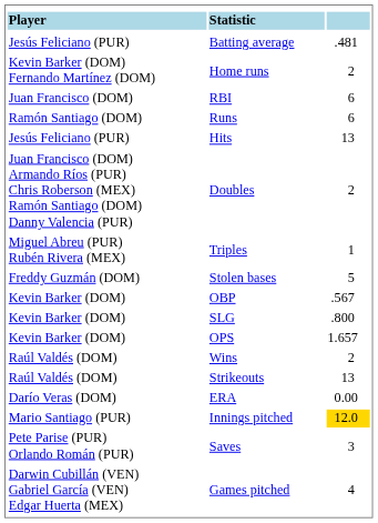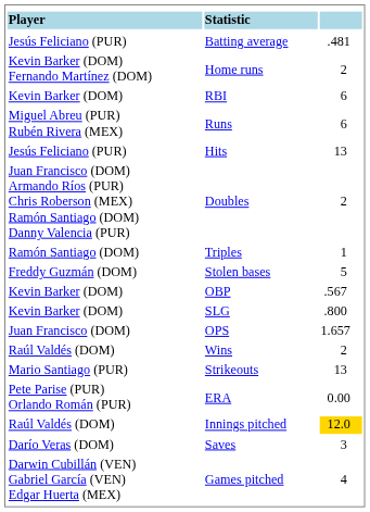 <table cellpadding="1" width="350px" style="font-size: 80%; border: 1px solid gray;">
 <tr align="center" style="font-size: larger;">
 <td colspan=6></td>
 </tr>
 <tr style="background:lightblue;">
 <td><strong>Player</strong></td>
 <td><strong>Statistic</strong></td>
 <td></td>
 </tr>
 <tr align="center" style="vertical-align: middle;" style="background:lightblue;">
 </tr>
 <tr>
 <td><a href='#'>Jesús Feliciano</a> (PUR)</td>
 <td><a href='#'>Batting average</a></td>
 <td>  .481</td>
 </tr>
 <tr>
 <td><a href='#'>Kevin Barker</a> (DOM)<br><a href='#'>Fernando Martínez</a> (DOM)</td>
 <td><a href='#'>Home runs</a></td>
 <td>      2</td>
 </tr>
 <tr>
-<td><a href='#'>Juan Francisco</a> (DOM)</td>
+<td><a href='#'>Kevin Barker</a> (DOM)</td>
 <td><a href='#'>RBI</a></td>
 <td>      6</td>
 </tr>
 <tr>
-<td><a href='#'>Ramón Santiago</a> (DOM)</td>
+<td><a href='#'>Miguel Abreu</a> (PUR)<br><a href='#'>Rubén Rivera</a> (MEX)</td>
 <td><a href='#'>Runs</a></td>
 <td>      6</td>
 </tr>
 <tr>
 <td><a href='#'>Jesús Feliciano</a> (PUR)</td>
 <td><a href='#'>Hits</a></td>
 <td>    13</td>
 </tr>
 <tr>
 <td><a href='#'>Juan Francisco</a> (DOM)<br><a href='#'>Armando Ríos</a> (PUR)<br><a href='#'>Chris Roberson</a> (MEX)<br><a href='#'>Ramón Santiago</a> (DOM)<br><a href='#'>Danny Valencia</a> (PUR)</td>
 <td><a href='#'>Doubles</a></td>
 <td>       2</td>
 </tr>
 <tr>
-<td><a href='#'>Miguel Abreu</a> (PUR)<br><a href='#'>Rubén Rivera</a> (MEX)</td>
+<td><a href='#'>Ramón Santiago</a> (DOM)</td>
 <td><a href='#'>Triples</a></td>
 <td>      1</td>
 </tr>
 <tr>
 <td><a href='#'>Freddy Guzmán</a> (DOM)</td>
 <td><a href='#'>Stolen bases</a></td>
 <td>      5</td>
 </tr>
 <tr>
 <td><a href='#'>Kevin Barker</a> (DOM)</td>
 <td><a href='#'>OBP</a></td>
 <td> .567</td>
 </tr>
 <tr>
 <td><a href='#'>Kevin Barker</a> (DOM)</td>
 <td><a href='#'>SLG</a></td>
 <td> .800</td>
 </tr>
 <tr>
-<td><a href='#'>Kevin Barker</a> (DOM)</td>
+<td><a href='#'>Juan Francisco</a> (DOM)</td>
 <td><a href='#'>OPS</a></td>
 <td>1.657</td>
 </tr>
 <tr>
 <td><a href='#'>Raúl Valdés</a> (DOM)</td>
 <td><a href='#'>Wins</a></td>
 <td>      2</td>
 </tr>
 <tr>
-<td><a href='#'>Raúl Valdés</a> (DOM)</td>
+<td><a href='#'>Mario Santiago</a> (PUR)</td>
 <td><a href='#'>Strikeouts</a></td>
 <td>    13</td>
 </tr>
 <tr>
-<td><a href='#'>Darío Veras</a> (DOM)</td>
+<td><a href='#'>Pete Parise</a> (PUR)<br><a href='#'>Orlando Román</a> (PUR)</td>
 <td><a href='#'>ERA</a></td>
 <td>  0.00</td>
 </tr>
 <tr>
-<td><a href='#'>Mario Santiago</a> (PUR)</td>
+<td><a href='#'>Raúl Valdés</a> (DOM)</td>
 <td><a href='#'>Innings pitched</a></td>
 <td style="background: gold;">  12.0</td>
 </tr>
 <tr>
-<td><a href='#'>Pete Parise</a> (PUR)<br><a href='#'>Orlando Román</a> (PUR)</td>
+<td><a href='#'>Darío Veras</a> (DOM)</td>
 <td><a href='#'>Saves</a></td>
 <td>      3</td>
 </tr>
 <tr>
 <td><a href='#'>Darwin Cubillán</a> (VEN)<br><a href='#'>Gabriel García</a> (VEN)<br><a href='#'>Edgar Huerta</a> (MEX)</td>
 <td><a href='#'>Games pitched</a></td>
 <td>      4</td>
 </tr>
 </table>
